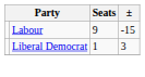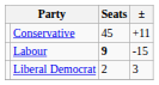 <table class="wikitable">
 <tr>
 <th colspan="2">Party</th>
 <th>Seats</th>
 <th>  ±  </th>
 </tr>
 <tr>
 <td style="background-color: "></td>
+<td><a href='#'>Conservative</a></td>
+<td>45</td>
+<td>+11</td>
+</tr>
+<tr>
+<td style="background-color: "></td>
 <td><a href='#'>Labour</a></td>
-<td>9</td>
+<td><strong>9</strong></td>
 <td>-15</td>
 </tr>
 <tr>
 <td style="background-color: "></td>
 <td><a href='#'>Liberal Democrat</a></td>
-<td>1</td>
+<td>2</td>
 <td>3</td>
 </tr>
 <tr>
 </tr>
 </table>
